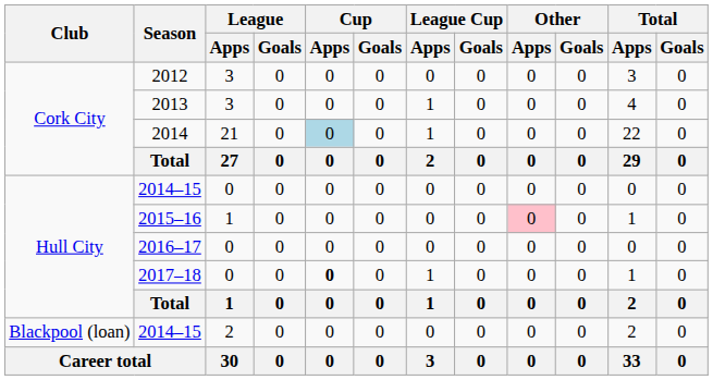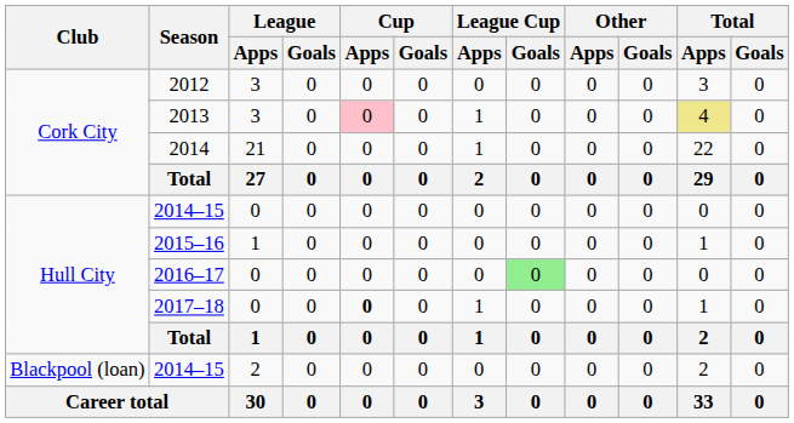 <table class=wikitable style="text-align: center;">
 <tr>
 <th rowspan=2>Club</th>
 <th rowspan=2>Season</th>
 <th colspan=2>League</th>
 <th colspan=2>Cup</th>
 <th colspan=2>League Cup</th>
 <th colspan=2>Other</th>
 <th colspan=2>Total</th>
 </tr>
 <tr>
 <th>Apps</th>
 <th>Goals</th>
 <th>Apps</th>
 <th>Goals</th>
 <th>Apps</th>
 <th>Goals</th>
 <th>Apps</th>
 <th>Goals</th>
 <th>Apps</th>
 <th>Goals</th>
 </tr>
 <tr>
 <td rowspan=4><a href='#'>Cork City</a></td>
 <td>2012</td>
 <td>3</td>
 <td>0</td>
 <td>0</td>
 <td>0</td>
 <td>0</td>
 <td>0</td>
 <td>0</td>
 <td>0</td>
 <td>3</td>
 <td>0</td>
 </tr>
 <tr>
 <td>2013</td>
 <td>3</td>
 <td>0</td>
-<td>0</td>
+<td style="background: pink;">0</td>
 <td>0</td>
 <td>1</td>
 <td>0</td>
 <td>0</td>
 <td>0</td>
-<td>4</td>
+<td style="background: khaki;">4</td>
 <td>0</td>
 </tr>
 <tr>
 <td>2014</td>
 <td>21</td>
 <td>0</td>
-<td style="background: lightblue;">0</td>
+<td>0</td>
 <td>0</td>
 <td>1</td>
 <td>0</td>
 <td>0</td>
 <td>0</td>
 <td>22</td>
 <td>0</td>
 </tr>
 <tr>
 <th>Total</th>
 <th>27</th>
 <th>0</th>
 <th>0</th>
 <th>0</th>
 <th>2</th>
 <th>0</th>
 <th>0</th>
 <th>0</th>
 <th>29</th>
 <th>0</th>
 </tr>
 <tr>
 <td rowspan=5><a href='#'>Hull City</a></td>
 <td><a href='#'>2014–15</a></td>
 <td>0</td>
 <td>0</td>
 <td>0</td>
 <td>0</td>
 <td>0</td>
 <td>0</td>
 <td>0</td>
 <td>0</td>
 <td>0</td>
 <td>0</td>
 </tr>
 <tr>
 <td><a href='#'>2015–16</a></td>
 <td>1</td>
 <td>0</td>
 <td>0</td>
 <td>0</td>
 <td>0</td>
 <td>0</td>
-<td style="background: pink;">0</td>
+<td>0</td>
 <td>0</td>
 <td>1</td>
 <td>0</td>
 </tr>
 <tr>
 <td><a href='#'>2016–17</a></td>
 <td>0</td>
 <td>0</td>
 <td>0</td>
 <td>0</td>
 <td>0</td>
-<td>0</td>
+<td style="background: lightgreen;">0</td>
 <td>0</td>
 <td>0</td>
 <td>0</td>
 <td>0</td>
 </tr>
 <tr>
 <td><a href='#'>2017–18</a></td>
 <td>0</td>
 <td>0</td>
 <td><strong>0</strong></td>
 <td>0</td>
 <td>1</td>
 <td>0</td>
 <td>0</td>
 <td>0</td>
 <td>1</td>
 <td>0</td>
 </tr>
 <tr>
 <th>Total</th>
 <th>1</th>
 <th>0</th>
 <th>0</th>
 <th>0</th>
 <th>1</th>
 <th>0</th>
 <th>0</th>
 <th>0</th>
 <th>2</th>
 <th>0</th>
 </tr>
 <tr>
 <td><a href='#'>Blackpool</a> (loan)</td>
 <td><a href='#'>2014–15</a></td>
 <td>2</td>
 <td>0</td>
 <td>0</td>
 <td>0</td>
 <td>0</td>
 <td>0</td>
 <td>0</td>
 <td>0</td>
 <td>2</td>
 <td>0</td>
 </tr>
 <tr>
 <th colspan=2>Career total</th>
 <th>30</th>
 <th>0</th>
 <th>0</th>
 <th>0</th>
 <th>3</th>
 <th>0</th>
 <th>0</th>
 <th>0</th>
 <th>33</th>
 <th>0</th>
 </tr>
 </table>
